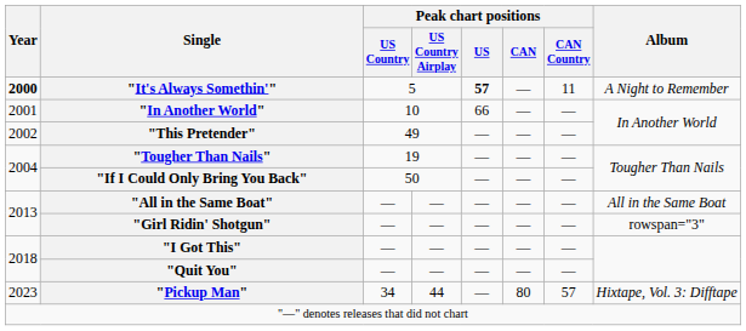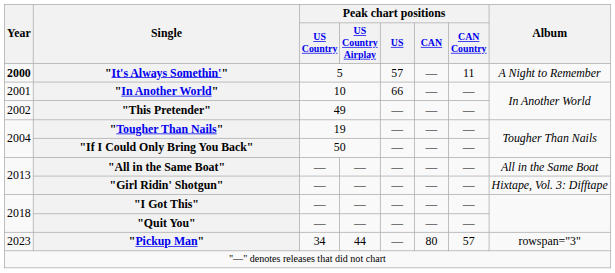 <table class="wikitable plainrowheaders" style="text-align:center;">
 <tr>
 <th rowspan="2">Year</th>
 <th rowspan="2" style="width:22em;">Single</th>
 <th colspan="5">Peak chart positions</th>
 <th rowspan="2">Album</th>
 </tr>
 <tr style="font-size:smaller;">
 <th width="40"><a href='#'>US Country</a><br></th>
 <th width="40"><a href='#'>US Country Airplay</a><br></th>
 <th width="40"><a href='#'>US</a><br></th>
 <th width="40"><a href='#'>CAN</a><br></th>
 <th width="40"><a href='#'>CAN Country</a><br></th>
 </tr>
 <tr>
 <td><strong>2000</strong></td>
 <th scope="row">"<a href='#'>It's Always Somethin'</a>"</th>
 <td colspan="2">5</td>
-<td><strong>57</strong></td>
+<td>57</td>
 <td>—</td>
 <td>11</td>
 <td><em>A Night to Remember</em></td>
 </tr>
 <tr>
 <td>2001</td>
 <th scope="row">"<a href='#'>In Another World</a>"</th>
 <td colspan="2">10</td>
 <td>66</td>
 <td>—</td>
 <td>—</td>
 <td rowspan="2"><em>In Another World</em></td>
 </tr>
 <tr>
 <td>2002</td>
 <th scope="row">"This Pretender"</th>
 <td colspan="2">49</td>
 <td>—</td>
 <td>—</td>
 <td>—</td>
 </tr>
 <tr>
 <td rowspan="2">2004</td>
 <th scope="row">"<a href='#'>Tougher Than Nails</a>"</th>
 <td colspan="2">19</td>
 <td>—</td>
 <td>—</td>
 <td>—</td>
 <td rowspan="2"><em>Tougher Than Nails</em></td>
 </tr>
 <tr>
 <th scope="row">"If I Could Only Bring You Back"</th>
 <td colspan="2">50</td>
 <td>—</td>
 <td>—</td>
 <td>—</td>
 </tr>
 <tr>
 <td rowspan="2">2013</td>
 <th scope="row">"All in the Same Boat"<br></th>
 <td>—</td>
 <td>—</td>
 <td>—</td>
 <td>—</td>
 <td>—</td>
 <td><em>All in the Same Boat</em></td>
 </tr>
 <tr>
 <th scope="row">"Girl Ridin' Shotgun"<br></th>
 <td>—</td>
 <td>—</td>
 <td>—</td>
 <td>—</td>
 <td>—</td>
-<td>rowspan="3" </td>
+<td><em>Hixtape, Vol. 3: Difftape</em></td>
 </tr>
 <tr>
 <td rowspan="2">2018</td>
 <th scope="row">"I Got This"</th>
 <td>—</td>
 <td>—</td>
 <td>—</td>
 <td>—</td>
 <td>—</td>
 </tr>
 <tr>
 <th scope="row">"Quit You"</th>
 <td>—</td>
 <td>—</td>
 <td>—</td>
 <td>—</td>
 <td>—</td>
 </tr>
 <tr>
 <td>2023</td>
 <th scope="row">"<a href='#'>Pickup Man</a>"<br></th>
 <td>34</td>
 <td>44</td>
 <td>—</td>
 <td>80</td>
 <td>57</td>
-<td><em>Hixtape, Vol. 3: Difftape</em></td>
+<td>rowspan="3" </td>
 </tr>
 <tr>
 <td colspan="8" style="font-size:85%">"—" denotes releases that did not chart</td>
 </tr>
 </table>
